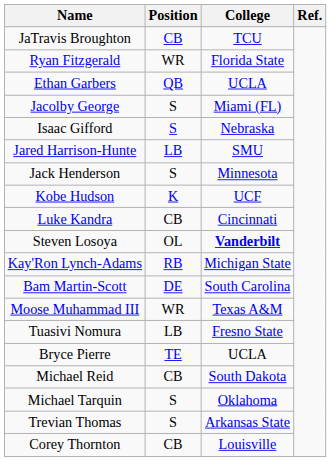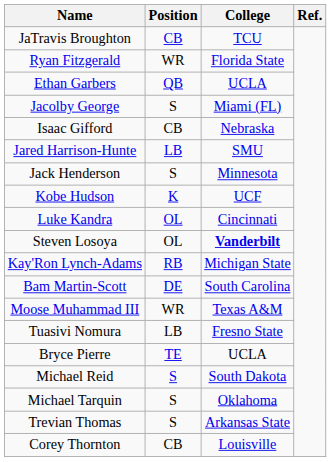 <table class="wikitable" style="text-align:center">
 <tr>
 <th>Name</th>
 <th>Position</th>
 <th>College</th>
 <th>Ref.</th>
 </tr>
 <tr>
 <td>JaTravis Broughton</td>
 <td><a href='#'>CB</a></td>
 <td><a href='#'>TCU</a></td>
 <td rowspan="19"></td>
 </tr>
 <tr>
 <td><a href='#'>Ryan Fitzgerald</a></td>
 <td>WR</td>
 <td><a href='#'>Florida State</a></td>
 </tr>
 <tr>
 <td><a href='#'>Ethan Garbers</a></td>
 <td><a href='#'>QB</a></td>
 <td><a href='#'>UCLA</a></td>
 </tr>
 <tr>
 <td><a href='#'>Jacolby George</a></td>
 <td>S</td>
 <td><a href='#'>Miami (FL)</a></td>
 </tr>
 <tr>
 <td>Isaac Gifford</td>
-<td><a href='#'>S</a></td>
+<td>CB</td>
 <td><a href='#'>Nebraska</a></td>
 </tr>
 <tr>
 <td><a href='#'>Jared Harrison-Hunte</a></td>
 <td><a href='#'>LB</a></td>
 <td><a href='#'>SMU</a></td>
 </tr>
 <tr>
 <td>Jack Henderson</td>
 <td>S</td>
 <td><a href='#'>Minnesota</a></td>
 </tr>
 <tr>
 <td><a href='#'>Kobe Hudson</a></td>
 <td><a href='#'>K</a></td>
 <td><a href='#'>UCF</a></td>
 </tr>
 <tr>
 <td><a href='#'>Luke Kandra</a></td>
-<td>CB</td>
+<td><a href='#'>OL</a></td>
 <td><a href='#'>Cincinnati</a></td>
 </tr>
 <tr>
 <td>Steven Losoya</td>
 <td>OL</td>
 <td><strong><a href='#'>Vanderbilt</a></strong></td>
 </tr>
 <tr>
 <td><a href='#'>Kay'Ron Lynch-Adams</a></td>
 <td><a href='#'>RB</a></td>
 <td><a href='#'>Michigan State</a></td>
 </tr>
 <tr>
 <td><a href='#'>Bam Martin-Scott</a></td>
 <td><a href='#'>DE</a></td>
 <td><a href='#'>South Carolina</a></td>
 </tr>
 <tr>
 <td><a href='#'>Moose Muhammad III</a></td>
 <td>WR</td>
 <td><a href='#'>Texas A&M</a></td>
 </tr>
 <tr>
 <td>Tuasivi Nomura</td>
 <td>LB</td>
 <td><a href='#'>Fresno State</a></td>
 </tr>
 <tr>
 <td>Bryce Pierre</td>
 <td><a href='#'>TE</a></td>
 <td>UCLA</td>
 </tr>
 <tr>
 <td>Michael Reid</td>
-<td>CB</td>
+<td><a href='#'>S</a></td>
 <td><a href='#'>South Dakota</a></td>
 </tr>
 <tr>
 <td>Michael Tarquin</td>
 <td>S</td>
 <td><a href='#'>Oklahoma</a></td>
 </tr>
 <tr>
 <td>Trevian Thomas</td>
 <td>S</td>
 <td><a href='#'>Arkansas State</a></td>
 </tr>
 <tr>
 <td>Corey Thornton</td>
 <td>CB</td>
 <td><a href='#'>Louisville</a></td>
 </tr>
 </table>
